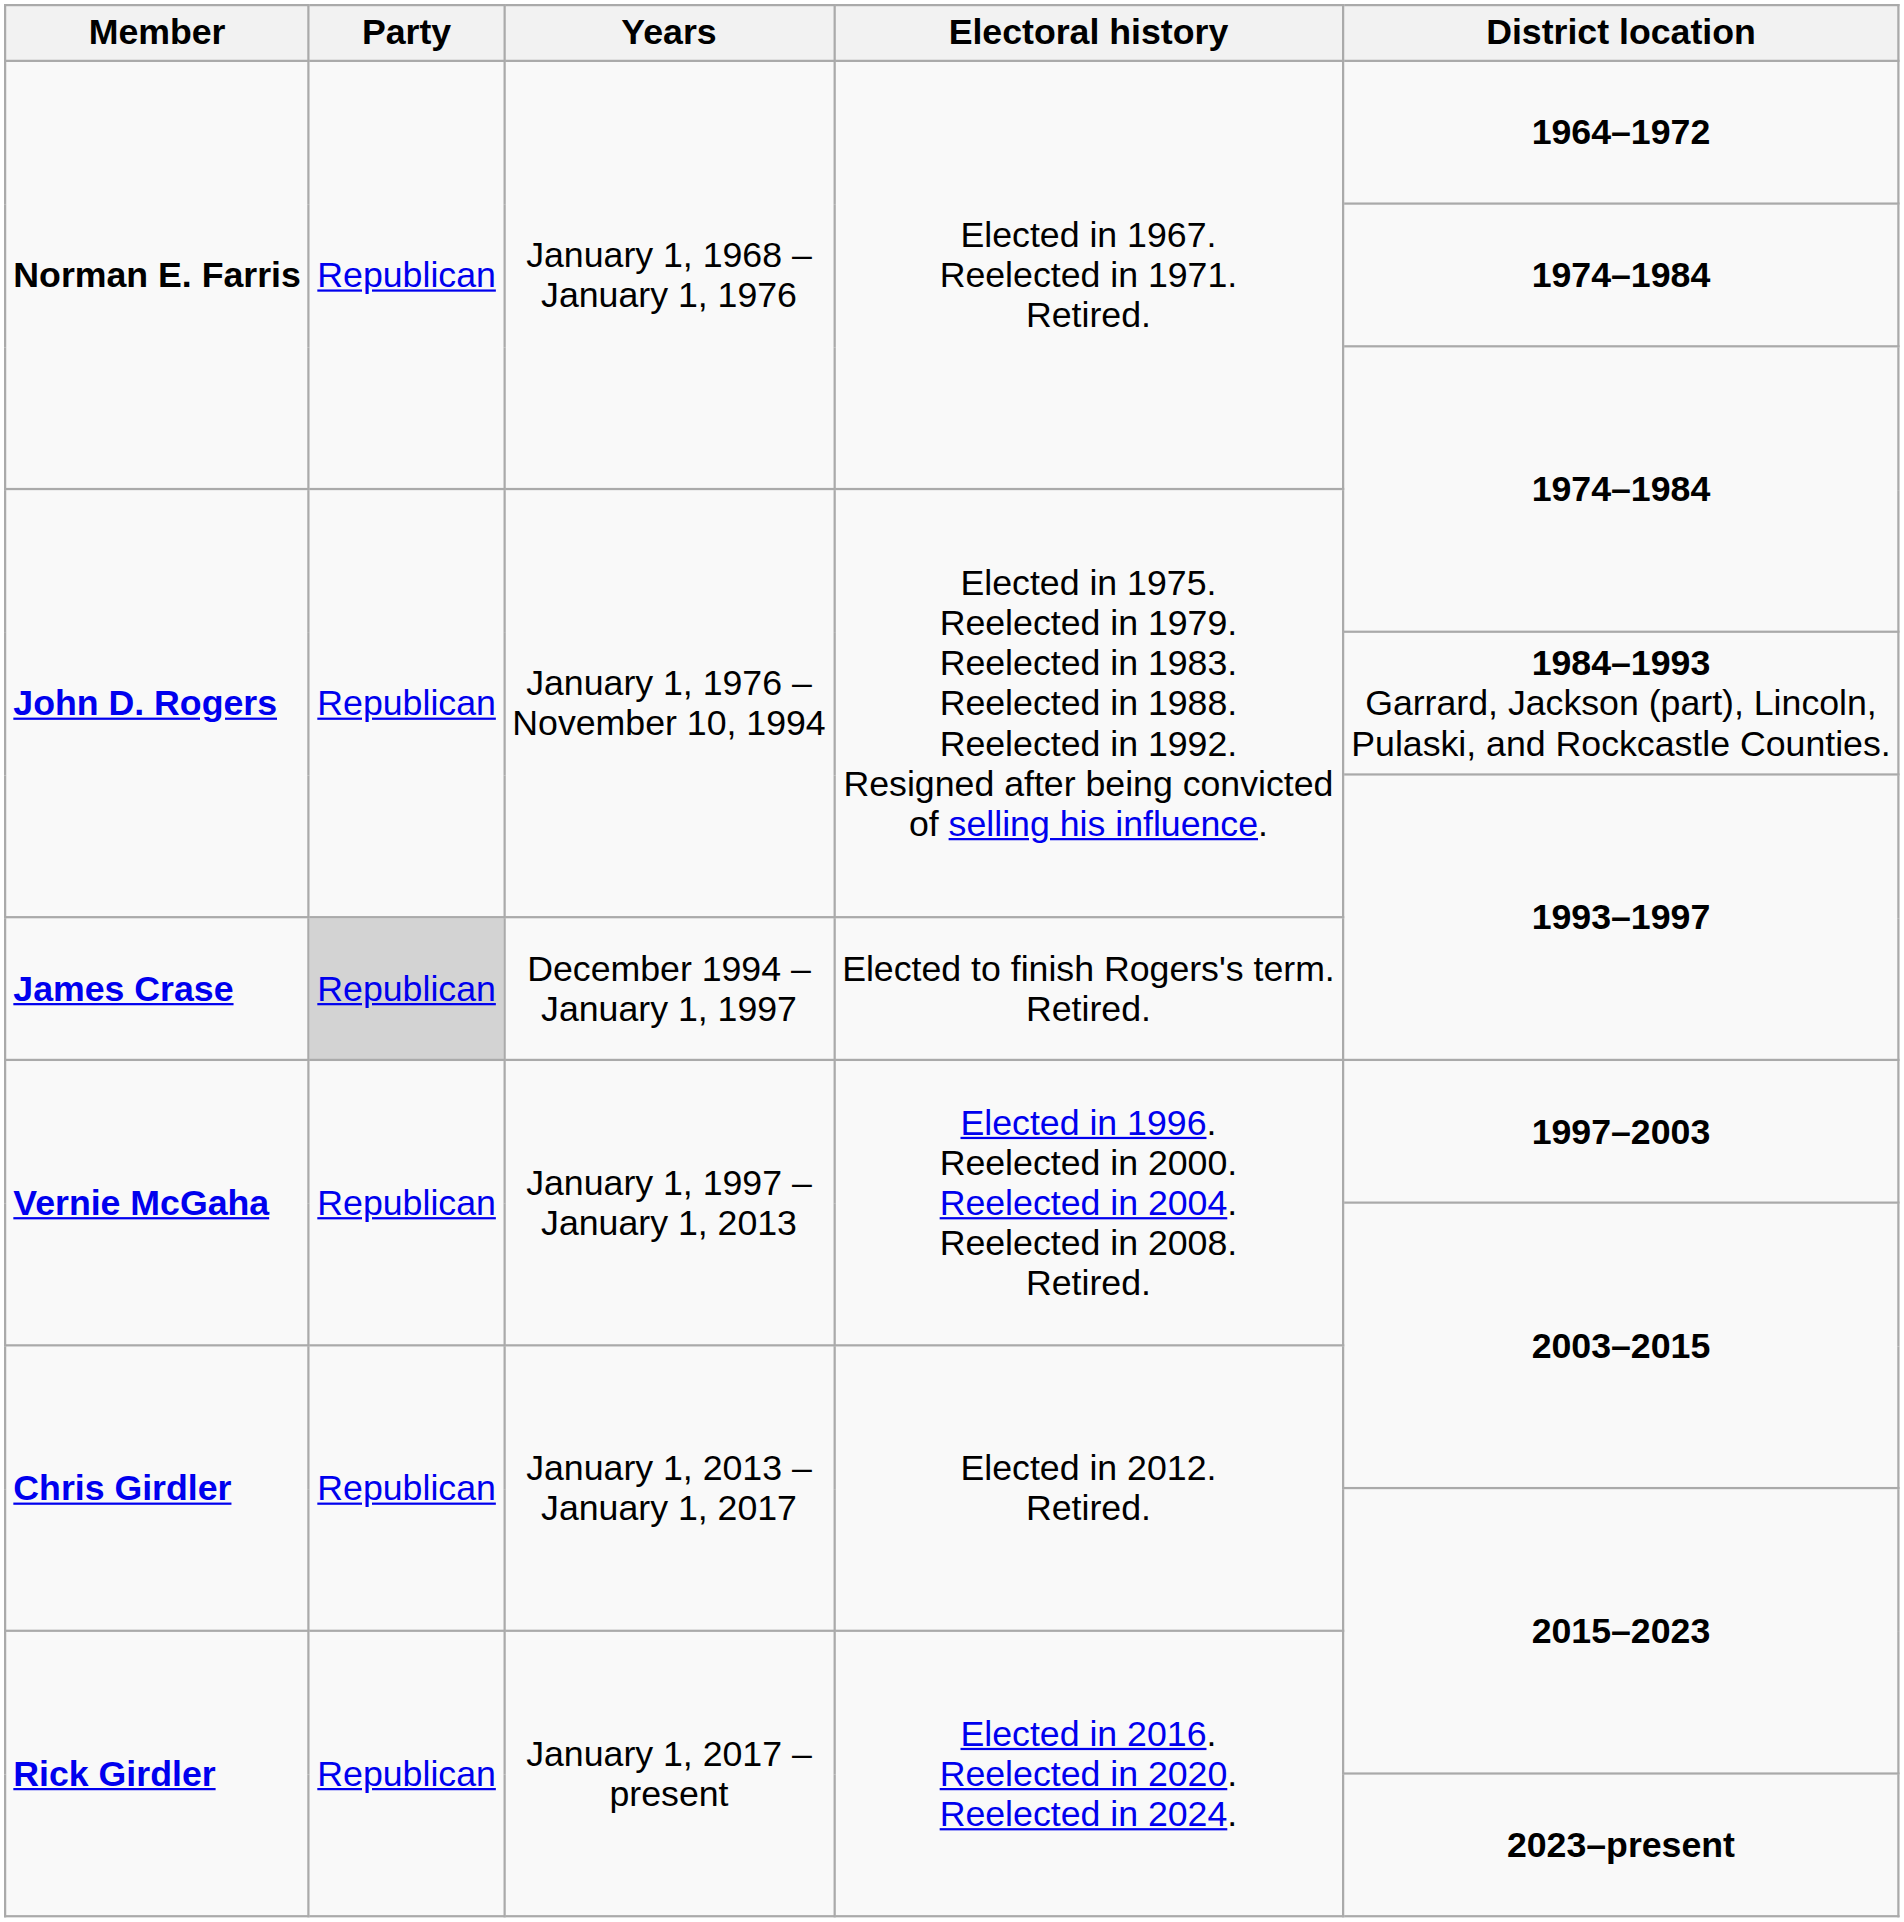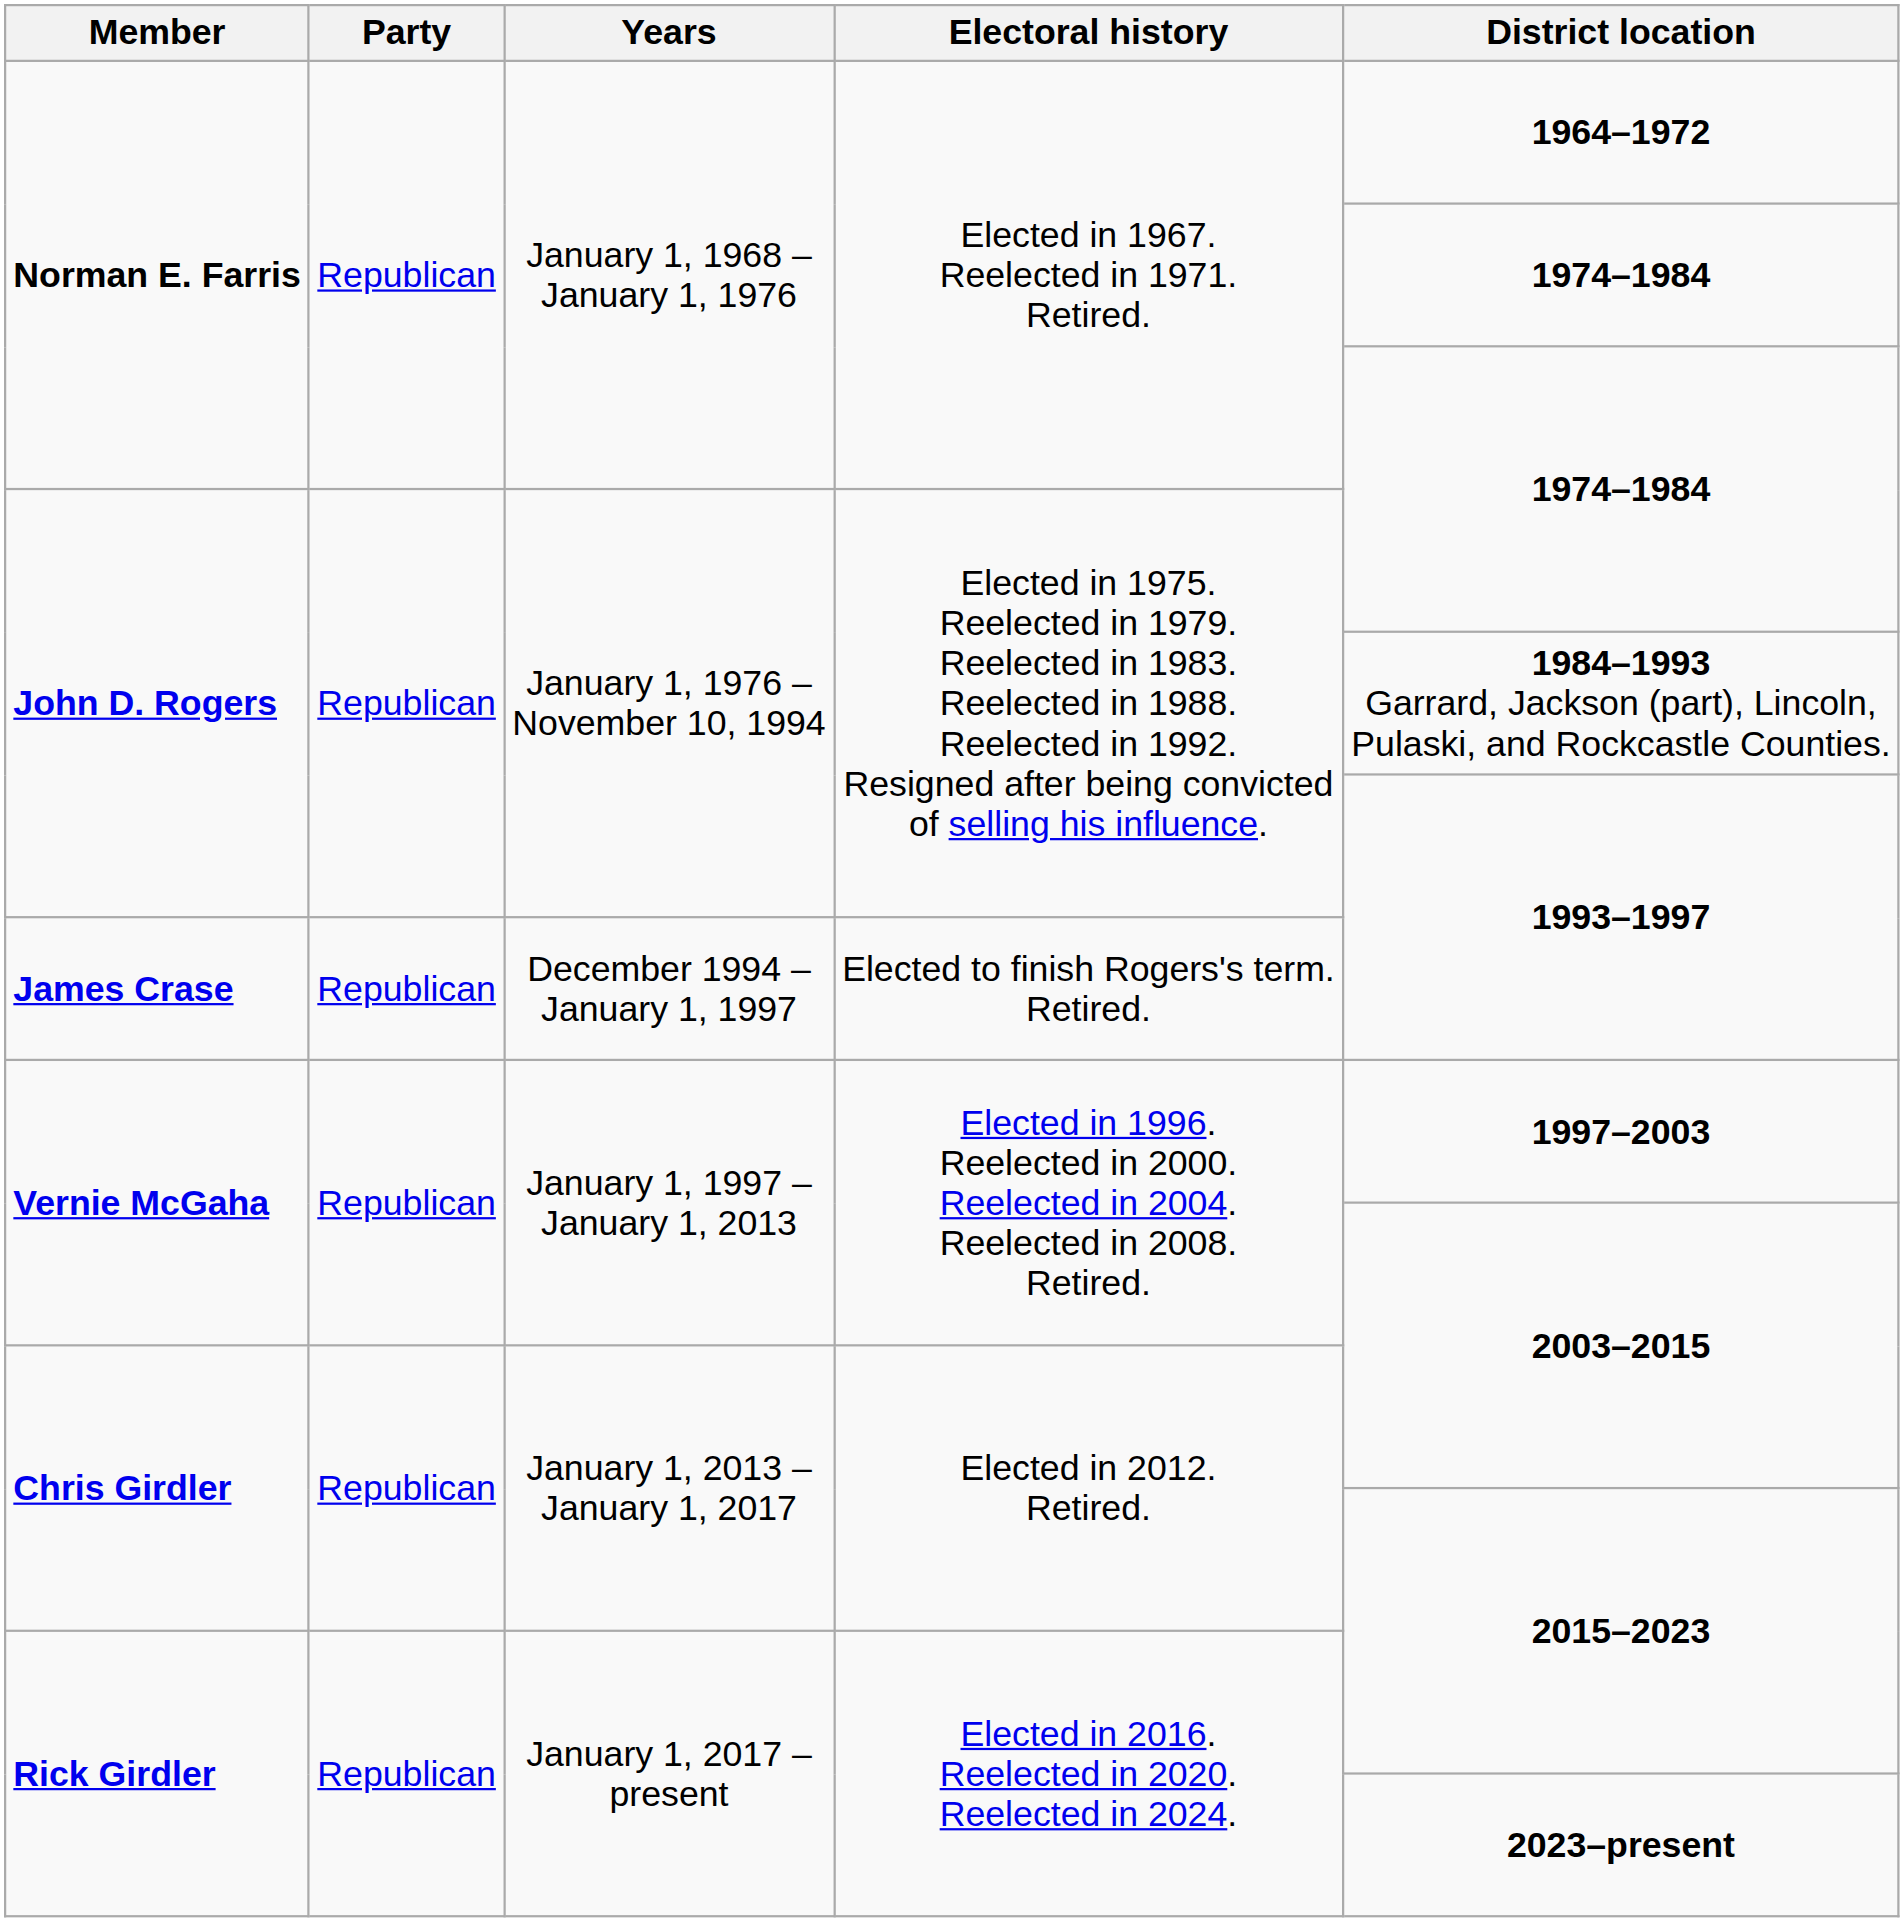 <table class=wikitable style="text-align:center">
 <tr>
 <th>Member</th>
 <th>Party</th>
 <th>Years</th>
 <th>Electoral history</th>
 <th>District location</th>
 </tr>
 <tr style="height:4em">
 <td rowspan=3 align=left><strong>Norman E. Farris</strong><br></td>
 <td rowspan=3 ><a href='#'>Republican</a></td>
 <td rowspan=3 nowrap>January 1, 1968 –<br>January 1, 1976</td>
 <td rowspan=3>Elected in 1967.<br>Reelected in 1971.<br>Retired.</td>
 <td><strong>1964–1972</strong><br></td>
 </tr>
 <tr style="height:4em">
 <td><strong>1974–1984</strong><br></td>
 </tr>
 <tr style="height:4em">
 <td rowspan=2><strong>1974–1984</strong><br></td>
 </tr>
 <tr style="height:4em">
 <td rowspan=3 align=left><strong><a href='#'>John D. Rogers</a></strong><br></td>
 <td rowspan=3 ><a href='#'>Republican</a></td>
 <td rowspan=3 nowrap>January 1, 1976 –<br>November 10, 1994</td>
 <td rowspan=3>Elected in 1975.<br>Reelected in 1979.<br>Reelected in 1983.<br>Reelected in 1988.<br>Reelected in 1992.<br>Resigned after being convicted<br>of <a href='#'>selling his influence</a>.</td>
 </tr>
 <tr style="height:4em">
 <td><strong>1984–1993</strong><br>Garrard, Jackson (part), Lincoln,<br>Pulaski, and Rockcastle Counties.</td>
 </tr>
 <tr style="height:4em">
 <td rowspan=2><strong>1993–1997</strong><br></td>
 </tr>
 <tr style="height:4em">
 <td align=left><strong><a href='#'>James Crase</a></strong><br></td>
-<td style="background: lightgrey;"><a href='#'>Republican</a></td>
+<td><a href='#'>Republican</a></td>
 <td nowrap>December 1994 –<br>January 1, 1997</td>
 <td>Elected to finish Rogers's term.<br>Retired.</td>
 </tr>
 <tr style="height:4em">
 <td rowspan=2 align=left><strong><a href='#'>Vernie McGaha</a></strong><br></td>
 <td rowspan=2 ><a href='#'>Republican</a></td>
 <td rowspan=2 nowrap>January 1, 1997 –<br>January 1, 2013</td>
 <td rowspan=2><a href='#'>Elected in 1996</a>.<br>Reelected in 2000.<br><a href='#'>Reelected in 2004</a>.<br>Reelected in 2008.<br>Retired.</td>
 <td><strong>1997–2003</strong><br></td>
 </tr>
 <tr style="height:4em">
 <td rowspan=2><strong>2003–2015</strong><br></td>
 </tr>
 <tr style="height:4em">
 <td rowspan=2 align=left><strong><a href='#'>Chris Girdler</a></strong><br></td>
 <td rowspan=2 ><a href='#'>Republican</a></td>
 <td rowspan=2 nowrap>January 1, 2013 –<br>January 1, 2017</td>
 <td rowspan=2>Elected in 2012.<br>Retired.</td>
 </tr>
 <tr style="height:4em">
 <td rowspan=2><strong>2015–2023</strong><br></td>
 </tr>
 <tr style="height:4em">
 <td rowspan=2 align=left><strong><a href='#'>Rick Girdler</a></strong><br></td>
 <td rowspan=2 ><a href='#'>Republican</a></td>
 <td rowspan=2 nowrap>January 1, 2017 –<br>present</td>
 <td rowspan=2><a href='#'>Elected in 2016</a>.<br><a href='#'>Reelected in 2020</a>.<br><a href='#'>Reelected in 2024</a>.</td>
 </tr>
 <tr style="height:4em">
 <td><strong>2023–present</strong><br></td>
 </tr>
 </table>
